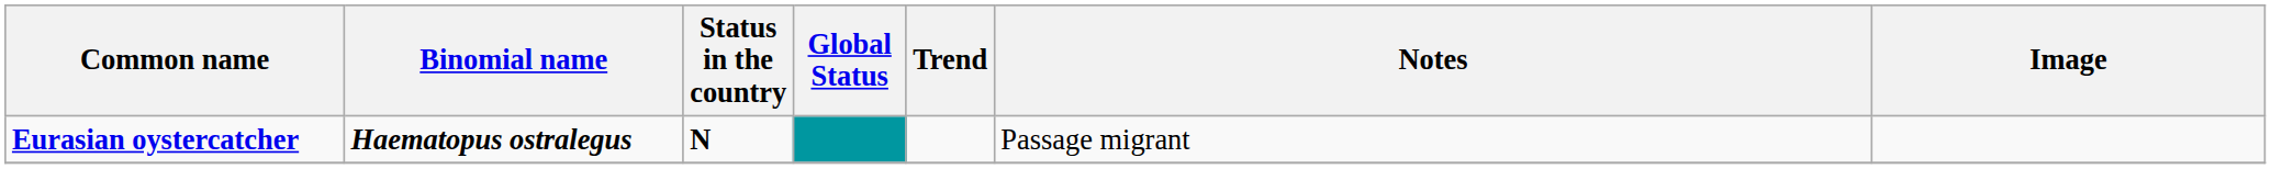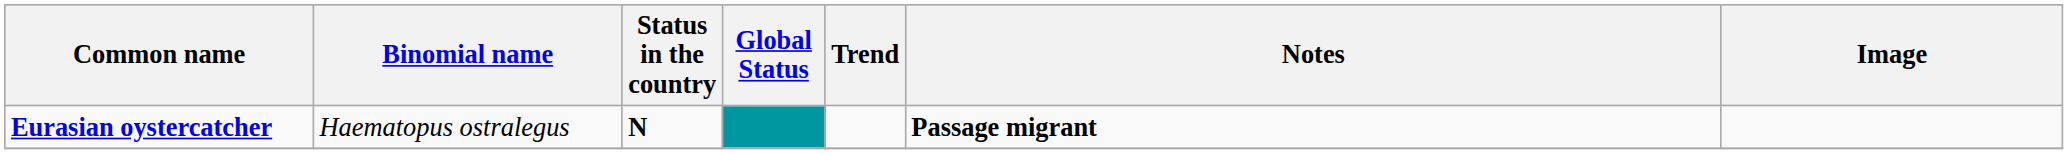 <table class="wikitable sortable">
 <tr>
 <th width="15%">Common name</th>
 <th width="15%"><a href='#'>Binomial name</a></th>
 <th data-sort-type="number" width="1%">Status in the country</th>
 <th width="5%"><a href='#'>Global Status</a></th>
 <th width="1%">Trend</th>
 <th class="unsortable">Notes</th>
 <th class="unsortable">Image</th>
 </tr>
 <tr>
 <td><strong><a href='#'>Eurasian oystercatcher</a></strong></td>
-<td><strong><em>Haematopus ostralegus</em></strong></td>
+<td><em>Haematopus ostralegus</em></td>
 <td><strong>N</strong></td>
 <td align=center style="background: #0097a0"></td>
 <td align=center></td>
-<td>Passage migrant</td>
+<td><strong>Passage migrant</strong></td>
 <td></td>
 </tr>
 <tr>
 </tr>
 </table>
